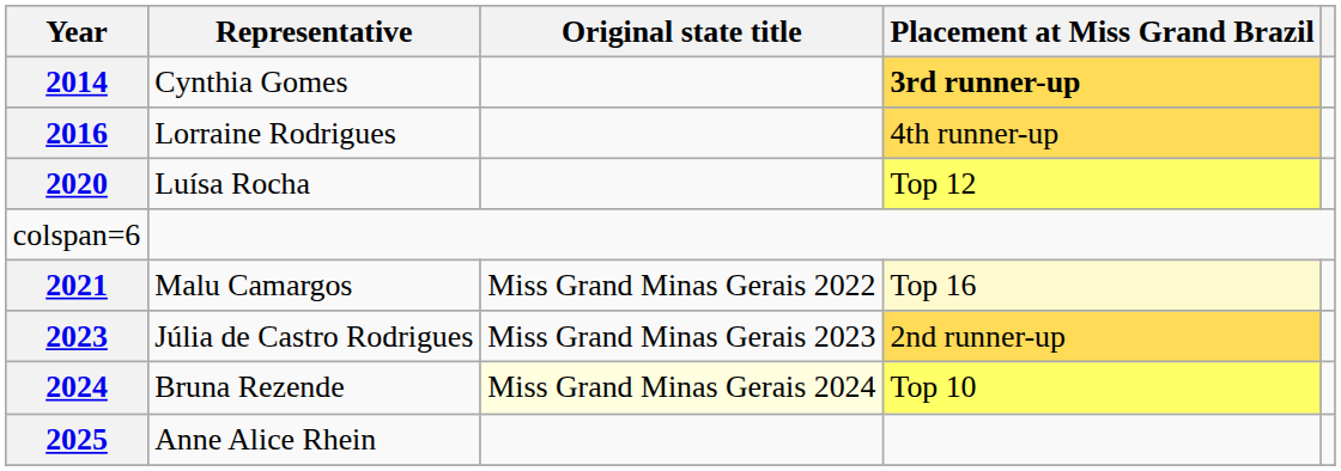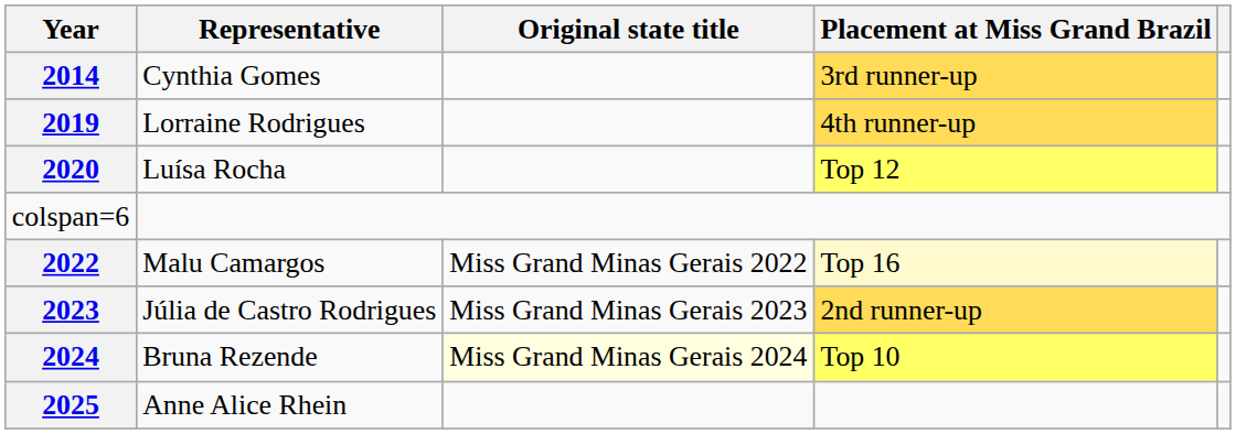 <table class="wikitable defaultcenter col2left" style="font-size:95%;">
 <tr>
 <th>Year</th>
 <th>Representative</th>
 <th>Original state title</th>
 <th>Placement at Miss Grand Brazil</th>
 <th></th>
 </tr>
 <tr>
 <th><a href='#'>2014</a></th>
 <td>Cynthia Gomes</td>
 <td></td>
-<td bgcolor=#FFDB58><strong>3rd runner-up</strong></td>
+<td bgcolor=#FFDB58>3rd runner-up</td>
 <td></td>
 </tr>
 <tr>
-<th><a href='#'>2016</a></th>
+<th><a href='#'>2019</a></th>
 <td>Lorraine Rodrigues</td>
 <td></td>
 <td bgcolor=#FFDB58>4th runner-up</td>
 <td></td>
 </tr>
 <tr>
 <th><a href='#'>2020</a></th>
 <td>Luísa Rocha</td>
 <td></td>
 <td bgcolor=#FFFF66>Top 12</td>
 <td></td>
 </tr>
 <tr>
 <td>colspan=6 </td>
 </tr>
 <tr>
-<th><a href='#'>2021</a></th>
+<th><a href='#'>2022</a></th>
 <td>Malu Camargos</td>
 <td>Miss Grand Minas Gerais 2022</td>
 <td bgcolor=#FFFACD>Top 16</td>
 <td></td>
 </tr>
 <tr>
 <th><a href='#'>2023</a></th>
 <td>Júlia de Castro Rodrigues</td>
 <td>Miss Grand Minas Gerais 2023</td>
 <td bgcolor=#FFDB58>2nd runner-up</td>
 <td></td>
 </tr>
 <tr>
 <th><a href='#'>2024</a></th>
 <td>Bruna Rezende</td>
 <td style="background: lightyellow;">Miss Grand Minas Gerais 2024</td>
 <td bgcolor=#FFFF66>Top 10</td>
 <td></td>
 </tr>
 <tr>
 <th><a href='#'>2025</a></th>
 <td>Anne Alice Rhein</td>
 <td></td>
 <td></td>
 <td></td>
 </tr>
 </table>
